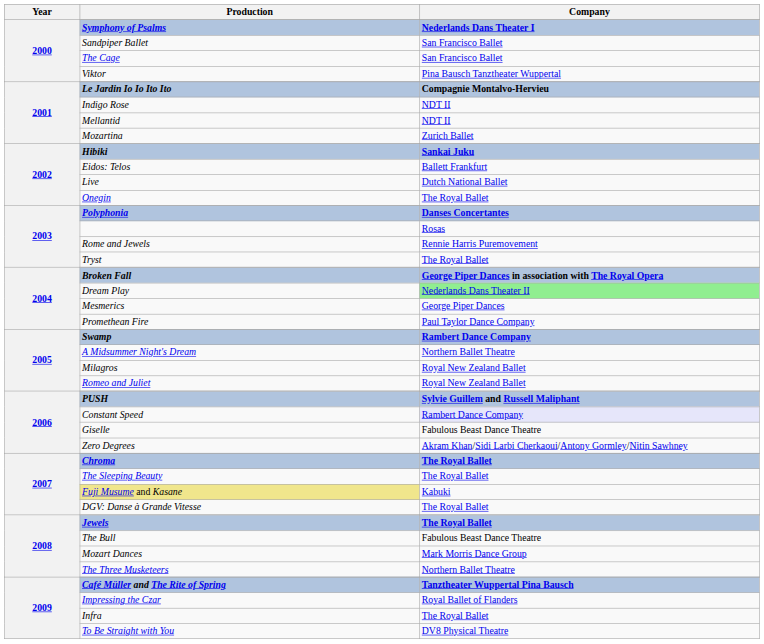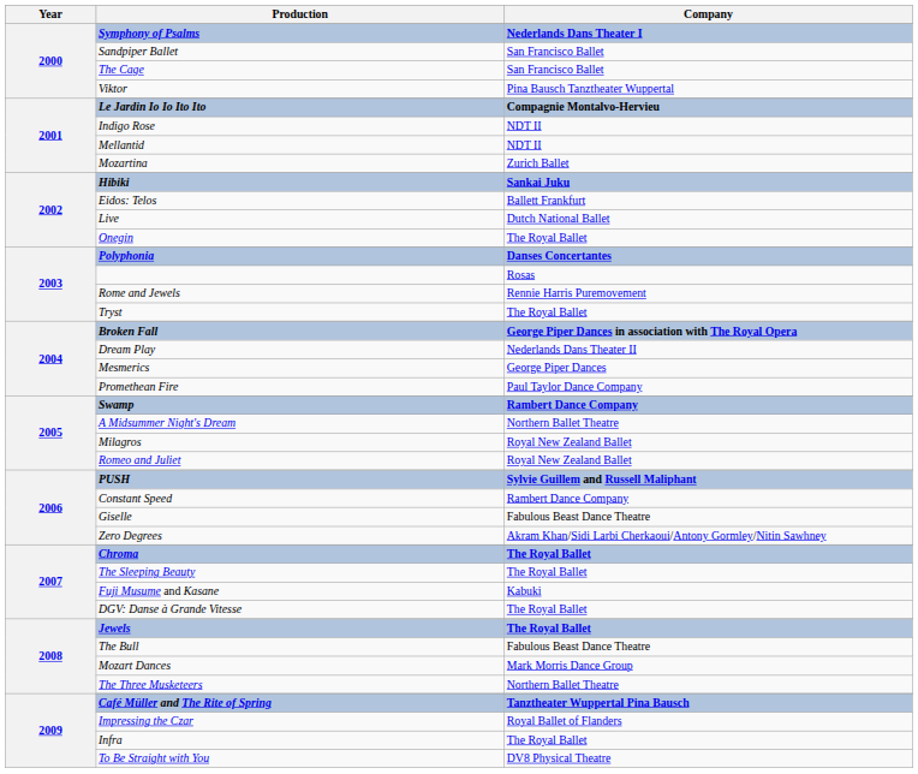 <table class="wikitable" style="width:98%;">
 <tr style="background:#bebebe;">
 <th style="width:10%;">Year</th>
 <th style="width:45%;">Production</th>
 <th style="width:45%;">Company</th>
 </tr>
 <tr>
 <th rowspan="5" align="center"><a href='#'>2000</a></th>
 </tr>
 <tr style="background:#B0C4DE">
 <td><strong><em><a href='#'>Symphony of Psalms</a></em></strong></td>
 <td><strong><a href='#'>Nederlands Dans Theater I</a></strong></td>
 </tr>
 <tr>
 <td><em>Sandpiper Ballet</em></td>
 <td><a href='#'>San Francisco Ballet</a></td>
 </tr>
 <tr>
 <td><em><a href='#'>The Cage</a></em></td>
 <td><a href='#'>San Francisco Ballet</a></td>
 </tr>
 <tr>
 <td><em>Viktor</em></td>
 <td><a href='#'>Pina Bausch Tanztheater Wuppertal</a></td>
 </tr>
 <tr>
 <th rowspan="5" align="center"><a href='#'>2001</a></th>
 </tr>
 <tr style="background:#B0C4DE">
 <td><strong><em>Le Jardin Io Io Ito Ito</em></strong></td>
 <td><strong>Compagnie Montalvo-Hervieu</strong></td>
 </tr>
 <tr>
 <td><em>Indigo Rose</em></td>
 <td><a href='#'>NDT II</a></td>
 </tr>
 <tr>
 <td><em>Mellantid</em></td>
 <td><a href='#'>NDT II</a></td>
 </tr>
 <tr>
 <td><em>Mozartina</em></td>
 <td><a href='#'>Zurich Ballet</a></td>
 </tr>
 <tr>
 <th rowspan="5" align="center"><a href='#'>2002</a></th>
 </tr>
 <tr style="background:#B0C4DE">
 <td><strong><em>Hibiki</em></strong></td>
 <td><strong><a href='#'>Sankai Juku</a></strong></td>
 </tr>
 <tr>
 <td><em>Eidos: Telos</em></td>
 <td><a href='#'>Ballett Frankfurt</a></td>
 </tr>
 <tr>
 <td><em>Live</em></td>
 <td><a href='#'>Dutch National Ballet</a></td>
 </tr>
 <tr>
 <td><em><a href='#'>Onegin</a></em></td>
 <td><a href='#'>The Royal Ballet</a></td>
 </tr>
 <tr>
 <th rowspan="5" align="center"><a href='#'>2003</a></th>
 </tr>
 <tr style="background:#B0C4DE">
 <td><strong><em><a href='#'>Polyphonia</a></em></strong></td>
 <td><strong><a href='#'>Danses Concertantes</a></strong></td>
 </tr>
 <tr>
 <td><em></em></td>
 <td><a href='#'>Rosas</a></td>
 </tr>
 <tr>
 <td><em>Rome and Jewels</em></td>
 <td><a href='#'>Rennie Harris Puremovement</a></td>
 </tr>
 <tr>
 <td><em>Tryst</em></td>
 <td><a href='#'>The Royal Ballet</a></td>
 </tr>
 <tr>
 <th rowspan="5" align="center"><a href='#'>2004</a></th>
 </tr>
 <tr style="background:#B0C4DE">
 <td><strong><em>Broken Fall</em></strong></td>
 <td><strong><a href='#'>George Piper Dances</a> in association with <a href='#'>The Royal Opera</a></strong></td>
 </tr>
 <tr>
 <td><em>Dream Play</em></td>
-<td style="background: lightgreen;"><a href='#'>Nederlands Dans Theater II</a></td>
+<td><a href='#'>Nederlands Dans Theater II</a></td>
 </tr>
 <tr>
 <td><em>Mesmerics</em></td>
 <td><a href='#'>George Piper Dances</a></td>
 </tr>
 <tr>
 <td><em>Promethean Fire</em></td>
 <td><a href='#'>Paul Taylor Dance Company</a></td>
 </tr>
 <tr>
 <th rowspan="5" align="center"><a href='#'>2005</a></th>
 </tr>
 <tr style="background:#B0C4DE">
 <td><strong><em>Swamp</em></strong></td>
 <td><strong><a href='#'>Rambert Dance Company</a></strong></td>
 </tr>
 <tr>
 <td><em><a href='#'>A Midsummer Night's Dream</a></em></td>
 <td><a href='#'>Northern Ballet Theatre</a></td>
 </tr>
 <tr>
 <td><em>Milagros</em></td>
 <td><a href='#'>Royal New Zealand Ballet</a></td>
 </tr>
 <tr>
 <td><em><a href='#'>Romeo and Juliet</a></em></td>
 <td><a href='#'>Royal New Zealand Ballet</a></td>
 </tr>
 <tr>
 <th rowspan="5" align="center"><a href='#'>2006</a></th>
 </tr>
 <tr style="background:#B0C4DE">
 <td><strong><em>PUSH</em></strong></td>
 <td><strong><a href='#'>Sylvie Guillem</a> and <a href='#'>Russell Maliphant</a></strong></td>
 </tr>
 <tr>
 <td><em>Constant Speed</em></td>
-<td style="background: lavender;"><a href='#'>Rambert Dance Company</a></td>
+<td><a href='#'>Rambert Dance Company</a></td>
 </tr>
 <tr>
 <td><em>Giselle</em></td>
 <td>Fabulous Beast Dance Theatre</td>
 </tr>
 <tr>
 <td><em>Zero Degrees</em></td>
 <td><a href='#'>Akram Khan</a>/<a href='#'>Sidi Larbi Cherkaoui</a>/<a href='#'>Antony Gormley</a>/<a href='#'>Nitin Sawhney</a></td>
 </tr>
 <tr>
 <th rowspan="5" align="center"><a href='#'>2007</a></th>
 </tr>
 <tr style="background:#B0C4DE">
 <td><strong><em><a href='#'>Chroma</a></em></strong></td>
 <td><strong><a href='#'>The Royal Ballet</a></strong></td>
 </tr>
 <tr>
 <td><em><a href='#'>The Sleeping Beauty</a></em></td>
 <td><a href='#'>The Royal Ballet</a></td>
 </tr>
 <tr>
-<td style="background: khaki;"><em><a href='#'>Fuji Musume</a></em> and <em>Kasane</em></td>
+<td><em><a href='#'>Fuji Musume</a></em> and <em>Kasane</em></td>
 <td><a href='#'>Kabuki</a></td>
 </tr>
 <tr>
 <td><em>DGV: Danse à Grande Vitesse</em></td>
 <td><a href='#'>The Royal Ballet</a></td>
 </tr>
 <tr>
 <th rowspan="5" align="center"><a href='#'>2008</a></th>
 </tr>
 <tr style="background:#B0C4DE">
 <td><strong><em><a href='#'>Jewels</a></em></strong></td>
 <td><strong><a href='#'>The Royal Ballet</a></strong></td>
 </tr>
 <tr>
 <td><em>The Bull</em></td>
 <td>Fabulous Beast Dance Theatre</td>
 </tr>
 <tr>
 <td><em>Mozart Dances</em></td>
 <td><a href='#'>Mark Morris Dance Group</a></td>
 </tr>
 <tr>
 <td><em><a href='#'>The Three Musketeers</a></em></td>
 <td><a href='#'>Northern Ballet Theatre</a></td>
 </tr>
 <tr>
 <th rowspan="5" align="center"><a href='#'>2009</a></th>
 </tr>
 <tr style="background:#B0C4DE">
 <td><strong><em><a href='#'>Café Müller</a><em> and </em><a href='#'>The Rite of Spring</a></em></strong></td>
 <td><strong><a href='#'>Tanztheater Wuppertal Pina Bausch</a></strong></td>
 </tr>
 <tr>
 <td><em><a href='#'>Impressing the Czar</a></em></td>
 <td><a href='#'>Royal Ballet of Flanders</a></td>
 </tr>
 <tr>
 <td><em>Infra</em></td>
 <td><a href='#'>The Royal Ballet</a></td>
 </tr>
 <tr>
 <td><em><a href='#'>To Be Straight with You</a></em></td>
 <td><a href='#'>DV8 Physical Theatre</a></td>
 </tr>
 </table>
